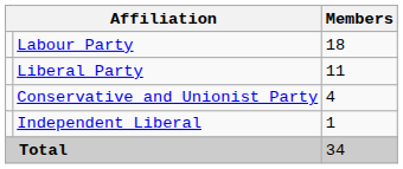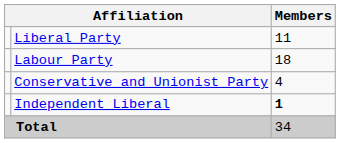 <table class="wikitable">
 <tr>
 <th colspan="2">Affiliation</th>
 <th>Members</th>
 </tr>
 <tr>
 <td style="color:inherit;background:"></td>
-<td><a href='#'>Labour Party</a></td>
-<td>18</td>
+<td><a href='#'>Liberal Party</a></td>
+<td>11</td>
 </tr>
 <tr>
 <td style="color:inherit;background:"></td>
-<td><a href='#'>Liberal Party</a></td>
-<td>11</td>
+<td><a href='#'>Labour Party</a></td>
+<td>18</td>
 </tr>
 <tr>
 <td style="color:inherit;background:"></td>
 <td><a href='#'>Conservative and Unionist Party</a></td>
 <td>4</td>
 </tr>
 <tr>
 <td style="color:inherit;background-color: "></td>
 <td><a href='#'>Independent Liberal</a></td>
-<td>1</td>
+<td><strong>1</strong></td>
 </tr>
 <tr style="background:#ccc;">
 <td colspan="2"> <strong>Total</strong></td>
 <td>34</td>
 </tr>
 </table>
